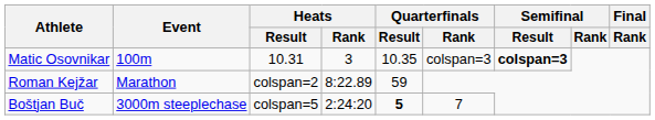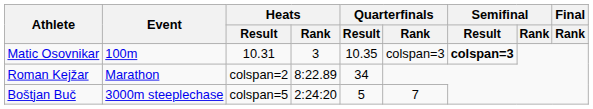 <table class="wikitable" style="font-size:90%">
 <tr>
 <th rowspan="2">Athlete</th>
 <th rowspan="2">Event</th>
 <th colspan="2">Heats</th>
 <th colspan="2">Quarterfinals</th>
 <th colspan="2">Semifinal</th>
 <th colspan="2">Final</th>
 </tr>
 <tr style="font-size:95%">
 <th>Result</th>
 <th>Rank</th>
 <th>Result</th>
 <th>Rank</th>
 <th>Result</th>
 <th>Rank</th>
 <th>Rank</th>
 </tr>
 <tr style=text-align:center>
 <td style=text-align:left><a href='#'>Matic Osovnikar</a></td>
 <td style=text-align:left><a href='#'>100m</a></td>
 <td>10.31</td>
 <td>3</td>
 <td>10.35</td>
 <td>colspan=3 </td>
 <td><strong>colspan=3 </strong></td>
 </tr>
 <tr style=text-align:center>
 <td style=text-align:left><a href='#'>Roman Kejžar</a></td>
 <td style=text-align:left><a href='#'>Marathon</a></td>
 <td>colspan=2 </td>
 <td>8:22.89</td>
-<td>59</td>
+<td>34</td>
 </tr>
 <tr style=text-align:center>
 <td style=text-align:left><a href='#'>Boštjan Buč</a></td>
 <td style=text-align:left><a href='#'>3000m steeplechase</a></td>
 <td>colspan=5 </td>
 <td>2:24:20</td>
-<td><strong>5</strong></td>
+<td>5</td>
 <td>7</td>
 </tr>
 </table>
